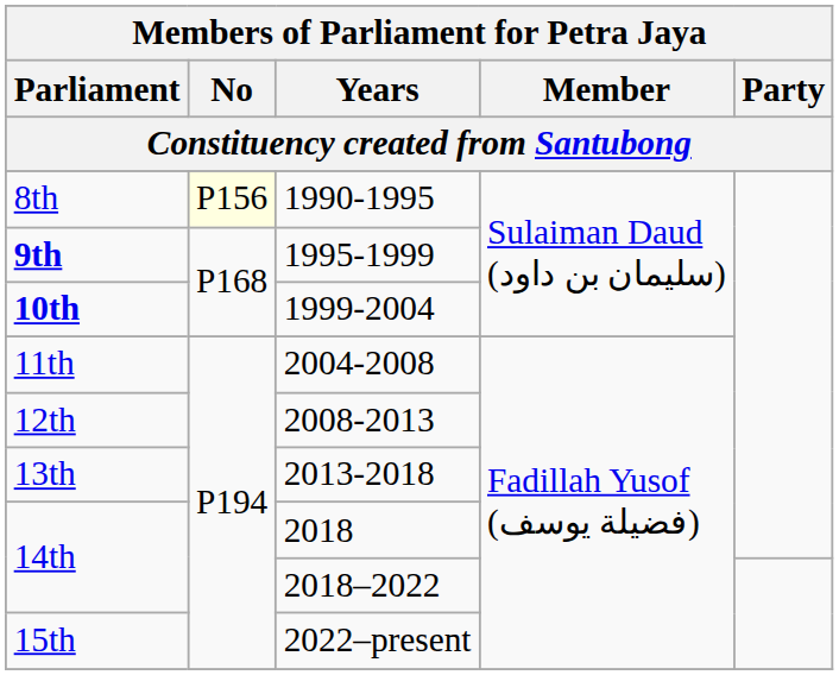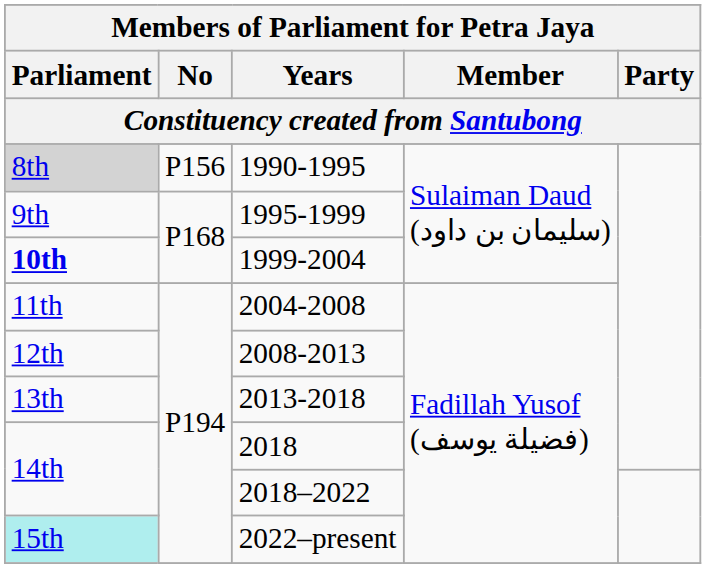 <table class=wikitable>
 <tr>
 <th colspan="5">Members of Parliament for Petra Jaya</th>
 </tr>
 <tr>
 <th>Parliament</th>
 <th>No</th>
 <th>Years</th>
 <th>Member</th>
 <th>Party</th>
 </tr>
 <tr>
 <th colspan="5" align="center"><em>Constituency created from <a href='#'>Santubong</a></em></th>
 </tr>
 <tr>
-<td><a href='#'>8th</a></td>
-<td style="background: lightyellow;">P156</td>
+<td style="background: lightgrey;"><a href='#'>8th</a></td>
+<td>P156</td>
 <td>1990-1995</td>
 <td rowspan=3><a href='#'>Sulaiman Daud</a> <br> (سليمان بن داود)</td>
 <td rowspan=7></td>
 </tr>
 <tr>
-<td><strong><a href='#'>9th</a></strong></td>
+<td><a href='#'>9th</a></td>
 <td rowspan="2">P168</td>
 <td>1995-1999</td>
 </tr>
 <tr>
 <td><strong><a href='#'>10th</a></strong></td>
 <td>1999-2004</td>
 </tr>
 <tr>
 <td><a href='#'>11th</a></td>
 <td rowspan="6">P194</td>
 <td>2004-2008</td>
 <td rowspan="6"><a href='#'>Fadillah Yusof</a> <br> (فضيلة يوسف‎)</td>
 </tr>
 <tr>
 <td><a href='#'>12th</a></td>
 <td>2008-2013</td>
 </tr>
 <tr>
 <td><a href='#'>13th</a></td>
 <td>2013-2018</td>
 </tr>
 <tr>
 <td rowspan=2><a href='#'>14th</a></td>
 <td>2018</td>
 </tr>
 <tr>
 <td>2018–2022</td>
 <td rowspan="2"></td>
 </tr>
 <tr>
-<td><a href='#'>15th</a></td>
+<td style="background: paleturquoise;"><a href='#'>15th</a></td>
 <td>2022–present</td>
 </tr>
 </table>
